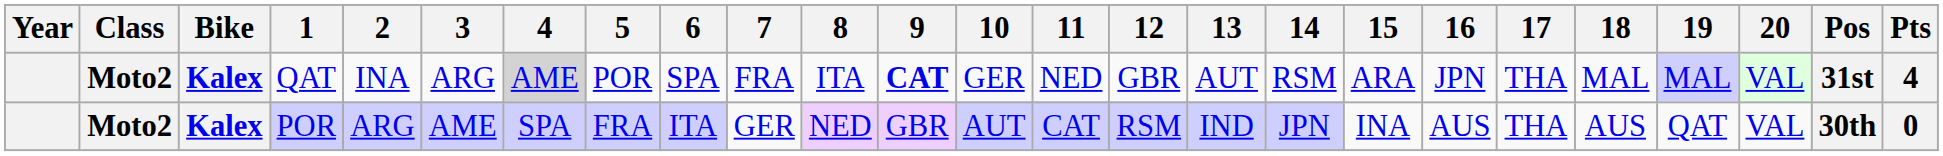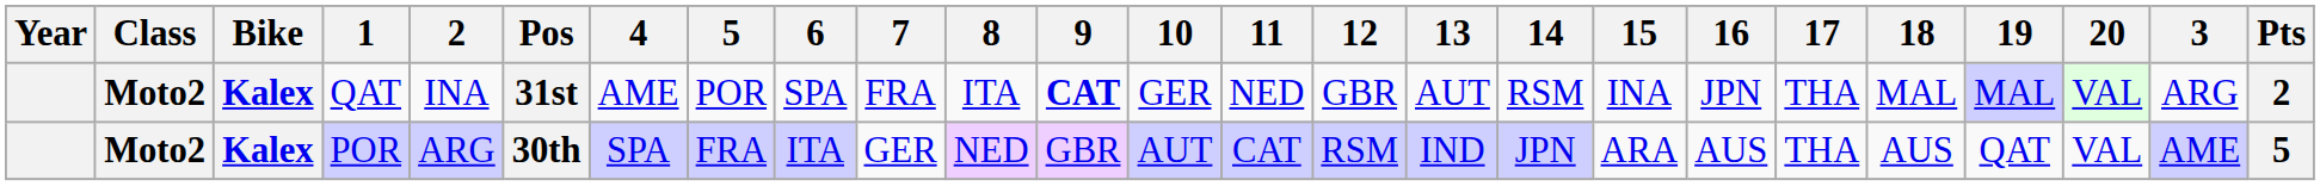 <table class="wikitable" style="text-align:center">
 <tr>
 <th>Year</th>
 <th>Class</th>
 <th>Bike</th>
 <th>1</th>
 <th>2</th>
-<th>3</th>
+<th>Pos</th>
 <th>4</th>
 <th>5</th>
 <th>6</th>
 <th>7</th>
 <th>8</th>
 <th>9</th>
 <th>10</th>
 <th>11</th>
 <th>12</th>
 <th>13</th>
 <th>14</th>
 <th>15</th>
 <th>16</th>
 <th>17</th>
 <th>18</th>
 <th>19</th>
 <th>20</th>
-<th>Pos</th>
+<th>3</th>
 <th>Pts</th>
 </tr>
 <tr>
 <th align="left"></th>
 <th align="left">Moto2</th>
 <th align="left"><a href='#'>Kalex</a></th>
 <td><a href='#'>QAT</a><br></td>
 <td><a href='#'>INA</a><br></td>
-<td><a href='#'>ARG</a><br></td>
-<td style="background: lightgrey;"><a href='#'>AME</a><br></td>
+<th>31st</th>
+<td><a href='#'>AME</a><br></td>
 <td><a href='#'>POR</a><br></td>
 <td><a href='#'>SPA</a><br></td>
 <td><a href='#'>FRA</a><br></td>
 <td><a href='#'>ITA</a><br></td>
 <td><strong><a href='#'>CAT</a><br></strong></td>
 <td><a href='#'>GER</a><br></td>
 <td><a href='#'>NED</a><br></td>
 <td><a href='#'>GBR</a><br></td>
 <td><a href='#'>AUT</a><br></td>
 <td><a href='#'>RSM</a><br></td>
-<td><a href='#'>ARA</a><br></td>
+<td><a href='#'>INA</a><br></td>
 <td><a href='#'>JPN</a><br></td>
 <td><a href='#'>THA</a><br></td>
 <td><a href='#'>MAL</a><br></td>
 <td style="background:#cfcfff;"><a href='#'>MAL</a><br></td>
 <td style="background:#dfffdf;"><a href='#'>VAL</a><br></td>
-<th>31st</th>
-<th>4</th>
+<td><a href='#'>ARG</a><br></td>
+<th>2</th>
 </tr>
 <tr>
 <th align="left"></th>
 <th align="left">Moto2</th>
 <th align="left"><a href='#'>Kalex</a></th>
 <td style="background:#cfcfff;"><a href='#'>POR</a><br></td>
 <td style="background:#cfcfff;"><a href='#'>ARG</a><br></td>
-<td style="background:#cfcfff;"><a href='#'>AME</a><br></td>
+<th>30th</th>
 <td style="background:#cfcfff;"><a href='#'>SPA</a><br></td>
 <td style="background:#cfcfff;"><a href='#'>FRA</a><br></td>
 <td style="background:#cfcfff;"><a href='#'>ITA</a><br></td>
 <td><a href='#'>GER</a><br></td>
 <td style="background:#efcfff;"><a href='#'>NED</a><br></td>
 <td style="background:#efcfff;"><a href='#'>GBR</a><br></td>
 <td style="background:#cfcfff;"><a href='#'>AUT</a><br></td>
 <td style="background:#cfcfff;"><a href='#'>CAT</a><br></td>
 <td style="background:#cfcfff;"><a href='#'>RSM</a><br></td>
 <td style="background:#cfcfff;"><a href='#'>IND</a><br></td>
 <td style="background:#cfcfff;"><a href='#'>JPN</a><br></td>
-<td><a href='#'>INA</a><br></td>
+<td><a href='#'>ARA</a><br></td>
 <td><a href='#'>AUS</a><br></td>
 <td><a href='#'>THA</a><br></td>
 <td><a href='#'>AUS</a><br></td>
 <td><a href='#'>QAT</a><br></td>
 <td><a href='#'>VAL</a><br></td>
-<th>30th</th>
-<th>0</th>
+<td style="background:#cfcfff;"><a href='#'>AME</a><br></td>
+<th>5</th>
 </tr>
 </table>
